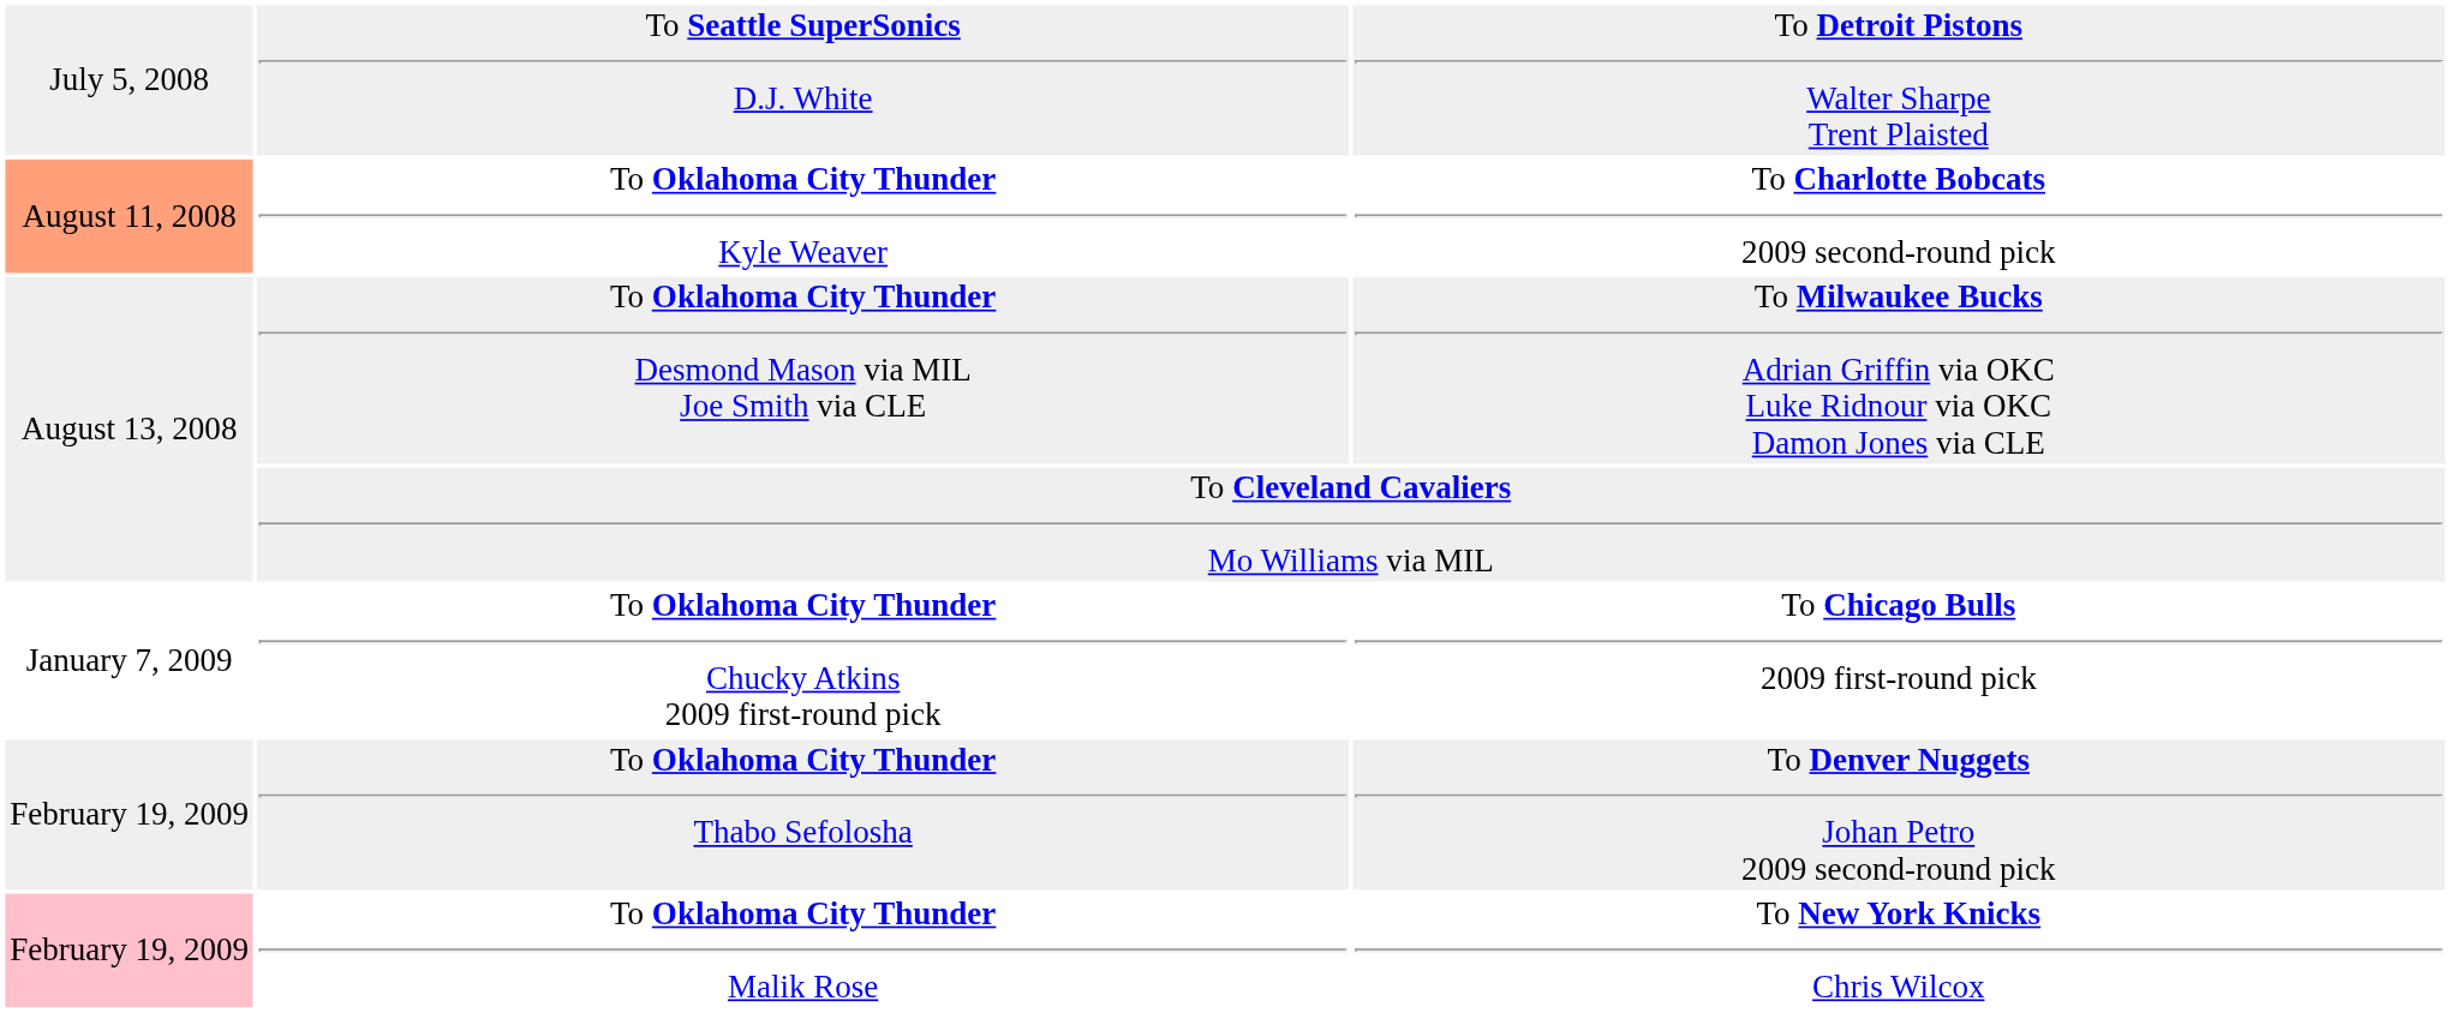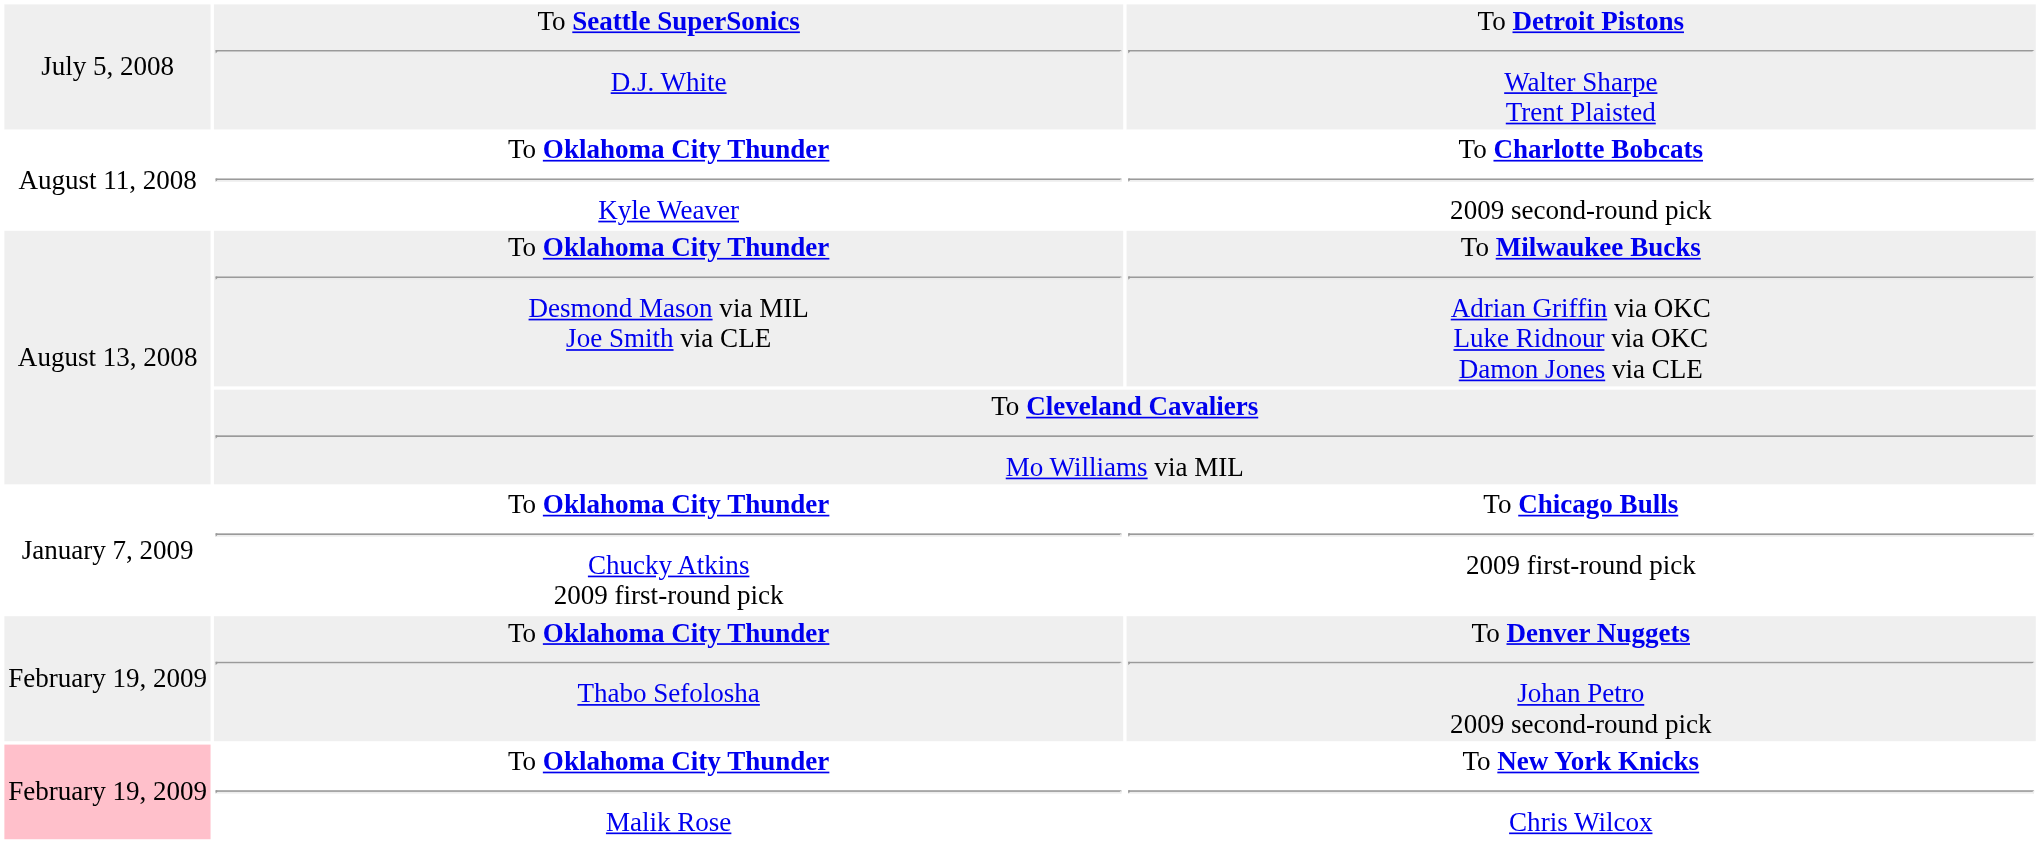 <table style="text-align: center">
 <tr style="background:#eeee">
 <td style="width:10%">July 5, 2008</td>
 <td style="width:31%; vertical-align:top;">To <strong><a href='#'>Seattle SuperSonics</a></strong><hr><a href='#'>D.J. White</a></td>
 <td style="width:31%; vertical-align:top;">To <strong><a href='#'>Detroit Pistons</a></strong><hr><a href='#'>Walter Sharpe</a><br><a href='#'>Trent Plaisted</a></td>
 </tr>
 <tr>
-<td style="background: lightsalmon; width:10%">August 11, 2008</td>
+<td style="width:10%">August 11, 2008</td>
 <td style="width:31%; vertical-align:top;">To <strong><a href='#'>Oklahoma City Thunder</a></strong><hr><a href='#'>Kyle Weaver</a></td>
 <td style="width:31%; vertical-align:top;">To <strong><a href='#'>Charlotte Bobcats</a></strong><hr>2009 second-round pick</td>
 </tr>
 <tr style="background:#eeee">
 <td style="width:10%" rowspan=2>August 13, 2008</td>
 <td style="width:44%; vertical-align:top;">To <strong><a href='#'>Oklahoma City Thunder</a></strong><hr><a href='#'>Desmond Mason</a> via MIL<br><a href='#'>Joe Smith</a> via CLE</td>
 <td style="width:44%; vertical-align:top;">To <strong><a href='#'>Milwaukee Bucks</a></strong><hr><a href='#'>Adrian Griffin</a> via OKC<br><a href='#'>Luke Ridnour</a> via OKC<br><a href='#'>Damon Jones</a> via CLE</td>
 </tr>
 <tr style="background:#eeee">
 <td colspan="3">To <strong><a href='#'>Cleveland Cavaliers</a></strong><hr><a href='#'>Mo Williams</a> via MIL</td>
 </tr>
 <tr>
 <td style="width:10%">January 7, 2009</td>
 <td style="width:31%; vertical-align:top;">To <strong><a href='#'>Oklahoma City Thunder</a></strong><hr><a href='#'>Chucky Atkins</a><br>2009 first-round pick</td>
 <td style="width:31%; vertical-align:top;">To <strong><a href='#'>Chicago Bulls</a></strong><hr>2009 first-round pick</td>
 </tr>
 <tr style="background:#eeee">
 <td style="width:10%">February 19, 2009</td>
 <td style="width:31%; vertical-align:top;">To <strong><a href='#'>Oklahoma City Thunder</a></strong><hr><a href='#'>Thabo Sefolosha</a></td>
 <td style="width:31%; vertical-align:top;">To <strong><a href='#'>Denver Nuggets</a></strong><hr><a href='#'>Johan Petro</a><br>2009 second-round pick</td>
 </tr>
 <tr>
 <td style="background: pink; width:10%">February 19, 2009</td>
 <td style="width:31%; vertical-align:top;">To <strong><a href='#'>Oklahoma City Thunder</a></strong><hr><a href='#'>Malik Rose</a></td>
 <td style="width:31%; vertical-align:top;">To <strong><a href='#'>New York Knicks</a></strong><hr><a href='#'>Chris Wilcox</a></td>
 </tr>
 </table>
